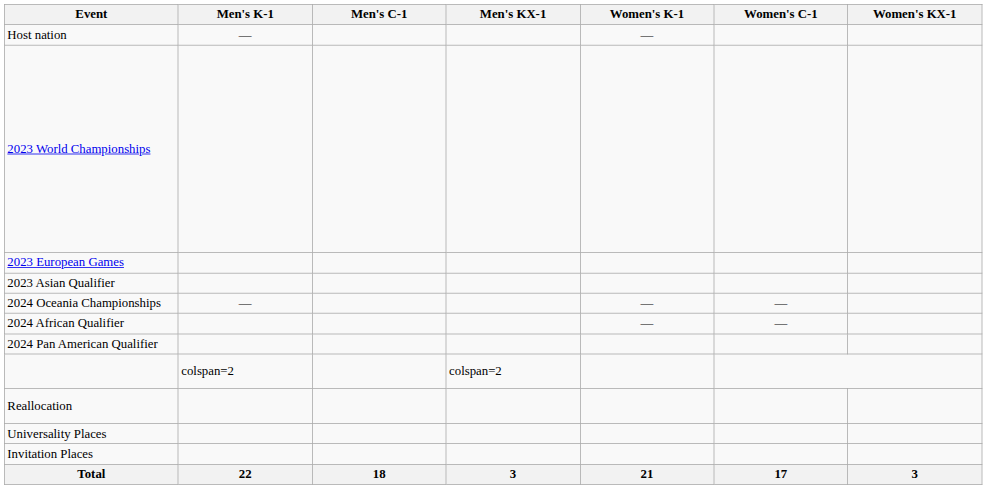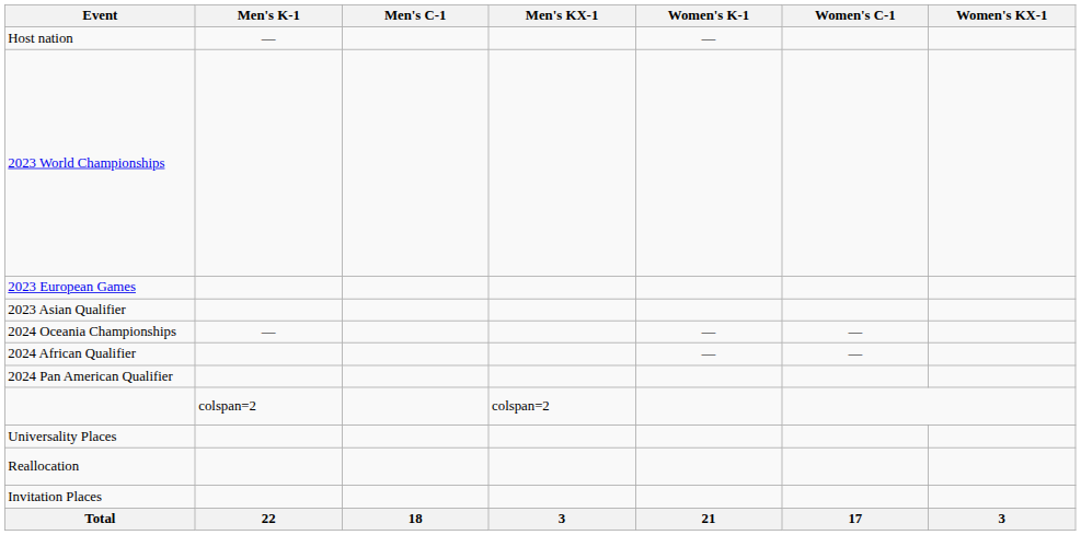 <table class="wikitable">
 <tr>
 <th width="210">Event</th>
 <th width="160">Men's K-1</th>
 <th width="160">Men's C-1</th>
 <th width="160">Men's KX-1</th>
 <th width="160">Women's K-1</th>
 <th width="160">Women's C-1</th>
 <th width="160">Women's KX-1</th>
 </tr>
 <tr>
 <td>Host nation</td>
 <td align="center">—</td>
 <td></td>
 <td></td>
 <td align="center">—</td>
 <td></td>
 <td></td>
 </tr>
 <tr>
 <td><a href='#'>2023 World Championships</a></td>
 <td valign=top><br><br><br><br><br><br><br><br><br><br><br><br><br><br></td>
 <td valign=top> <br><br><br><br><br><br><br><br><br><br><br><br></td>
 <td></td>
 <td valign=top><br><br><br><br><br><br><br><br><br><br><br><br><br><br></td>
 <td valign=top> <br><br><br><br><br><br><br><br><br><br><br><br></td>
 <td></td>
 </tr>
 <tr>
 <td><a href='#'>2023 European Games</a></td>
 <td></td>
 <td></td>
 <td></td>
 <td></td>
 <td></td>
 <td></td>
 </tr>
 <tr>
 <td>2023 Asian Qualifier</td>
 <td></td>
 <td></td>
 <td></td>
 <td></td>
 <td></td>
 <td></td>
 </tr>
 <tr>
 <td>2024 Oceania Championships</td>
 <td align=center>—</td>
 <td></td>
 <td></td>
 <td align=center>—</td>
 <td align=center>—</td>
 <td></td>
 </tr>
 <tr>
 <td>2024 African Qualifier</td>
 <td></td>
 <td></td>
 <td></td>
 <td align=center>—</td>
 <td align=center>—</td>
 <td></td>
 </tr>
 <tr>
 <td>2024 Pan American Qualifier</td>
 <td></td>
 <td></td>
 <td></td>
 <td></td>
 <td></td>
 <td></td>
 </tr>
 <tr>
 <td></td>
 <td>colspan=2 </td>
 <td valign=top><br><br></td>
 <td>colspan=2 </td>
 <td valign=top><br><br></td>
 </tr>
 <tr>
+<td>Universality Places</td>
+<td></td>
+<td></td>
+<td></td>
+<td></td>
+<td></td>
+<td></td>
+</tr>
+<tr>
 <td>Reallocation</td>
 <td><br></td>
 <td></td>
 <td></td>
 <td><br><br></td>
 <td><br></td>
-<td></td>
-</tr>
-<tr>
-<td>Universality Places</td>
-<td></td>
-<td></td>
-<td></td>
-<td></td>
-<td></td>
 <td></td>
 </tr>
 <tr>
 <td>Invitation Places</td>
 <td></td>
 <td></td>
 <td></td>
 <td></td>
 <td></td>
 <td></td>
 </tr>
 <tr>
 <th>Total</th>
 <th>22</th>
 <th>18</th>
 <th>3</th>
 <th>21</th>
 <th>17</th>
 <th>3</th>
 </tr>
 </table>
